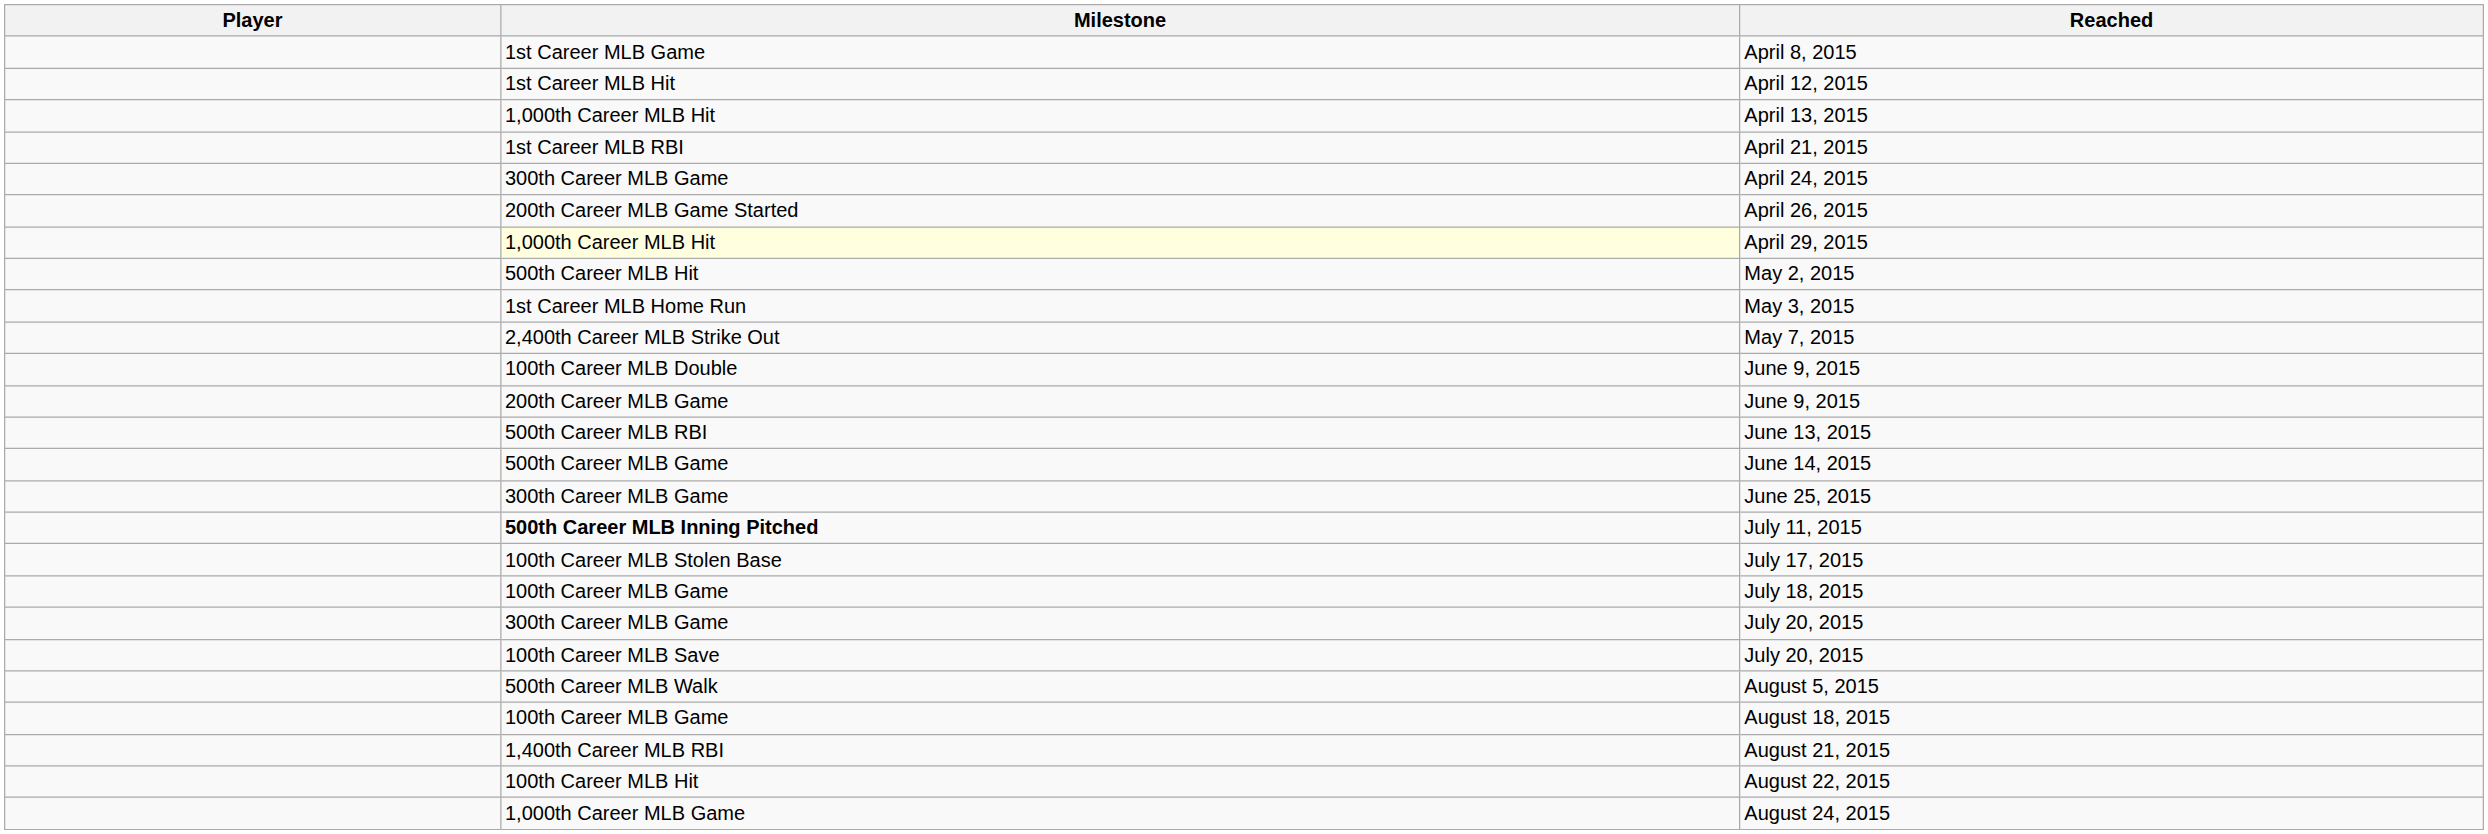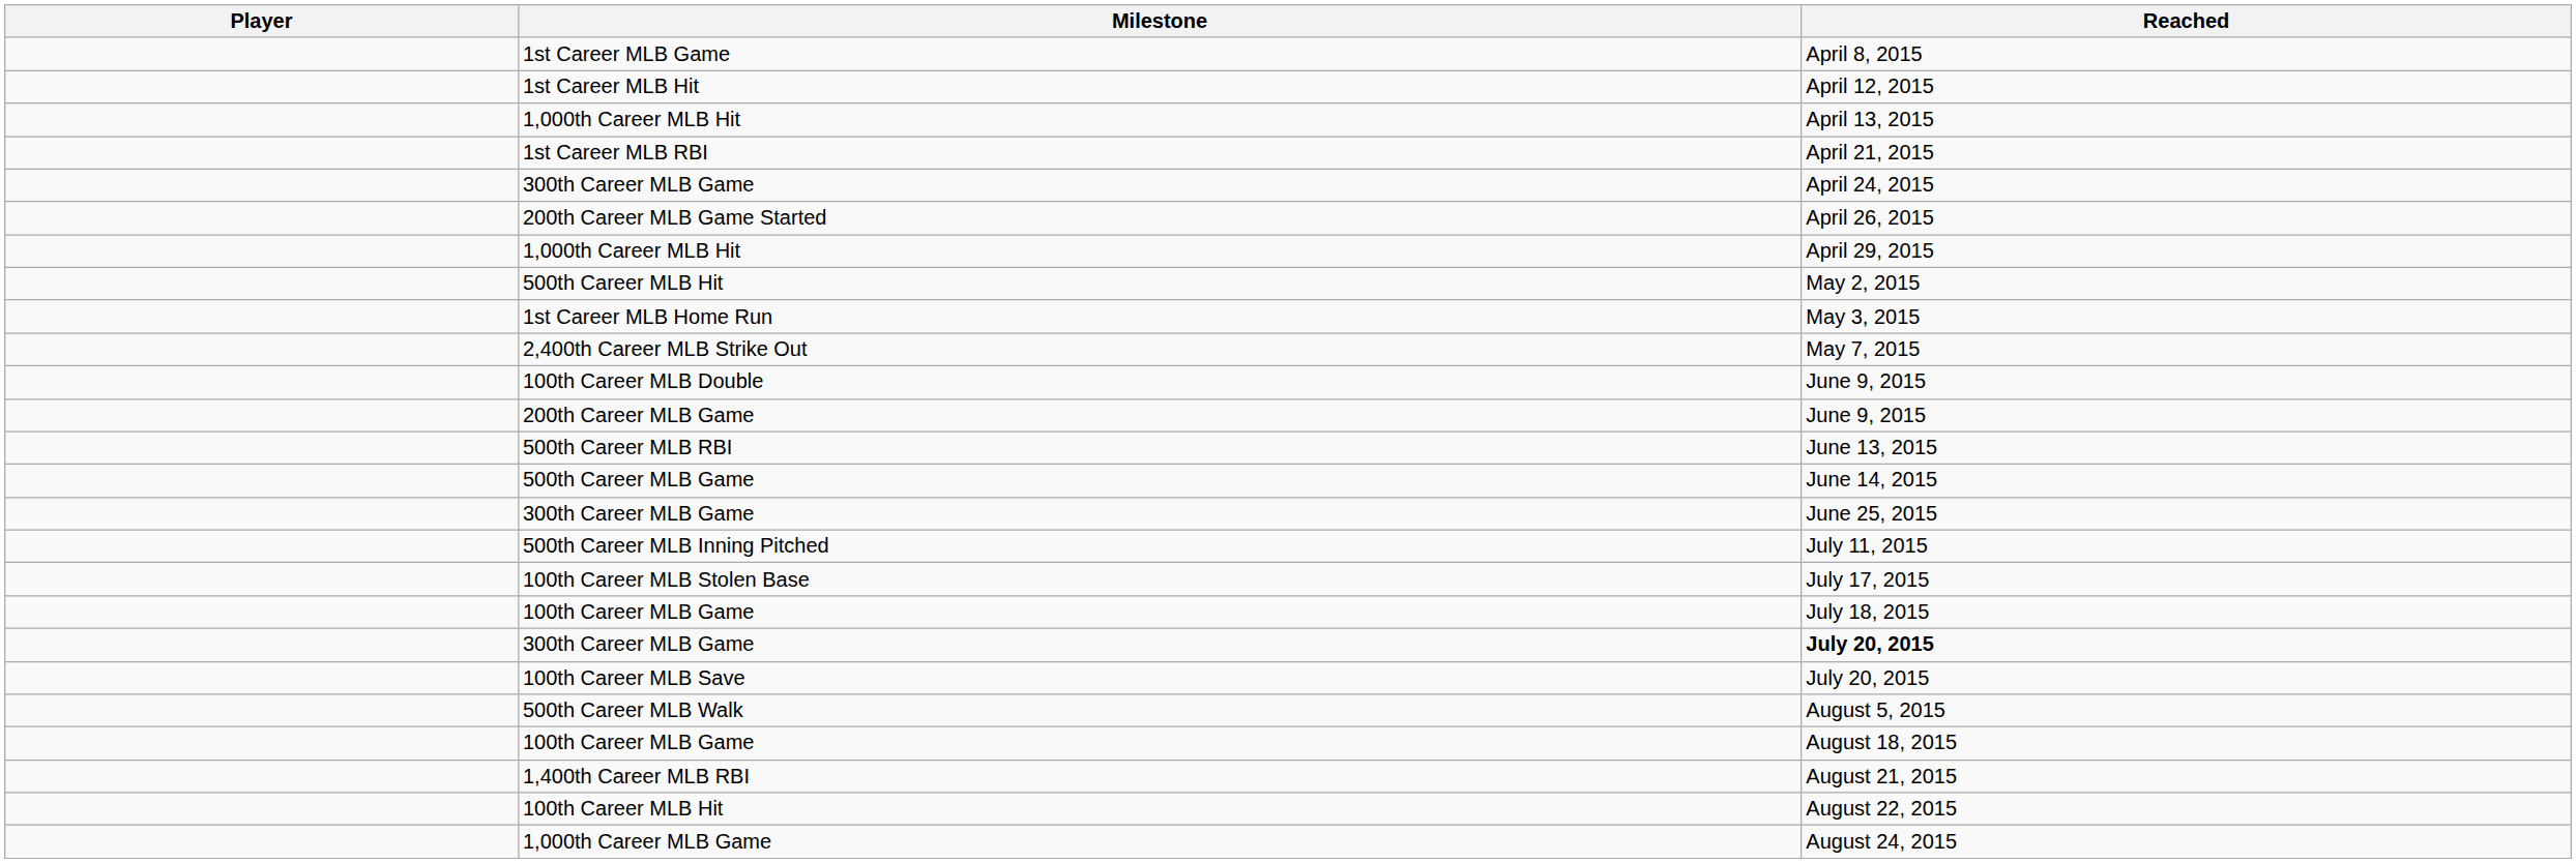 <table class="wikitable sortable" style="width:100%;">
 <tr align=center>
 <th style="width:20%;">Player</th>
 <th style="width:50%;">Milestone</th>
 <th style="width:30%;" data-sort-type="date">Reached</th>
 </tr>
 <tr>
 <td></td>
 <td>1st Career MLB Game</td>
 <td>April 8, 2015</td>
 </tr>
 <tr>
 <td></td>
 <td>1st Career MLB Hit</td>
 <td>April 12, 2015</td>
 </tr>
 <tr>
 <td></td>
 <td>1,000th Career MLB Hit</td>
 <td>April 13, 2015</td>
 </tr>
 <tr>
 <td></td>
 <td>1st Career MLB RBI</td>
 <td>April 21, 2015</td>
 </tr>
 <tr>
 <td></td>
 <td>300th Career MLB Game</td>
 <td>April 24, 2015</td>
 </tr>
 <tr>
 <td></td>
 <td>200th Career MLB Game Started</td>
 <td>April 26, 2015</td>
 </tr>
 <tr>
 <td></td>
-<td style="background: lightyellow;">1,000th Career MLB Hit</td>
+<td>1,000th Career MLB Hit</td>
 <td>April 29, 2015</td>
 </tr>
 <tr>
 <td></td>
 <td>500th Career MLB Hit</td>
 <td>May 2, 2015</td>
 </tr>
 <tr>
 <td></td>
 <td>1st Career MLB Home Run</td>
 <td>May 3, 2015</td>
 </tr>
 <tr>
 <td></td>
 <td>2,400th Career MLB Strike Out</td>
 <td>May 7, 2015</td>
 </tr>
 <tr>
 <td></td>
 <td>100th Career MLB Double</td>
 <td>June 9, 2015</td>
 </tr>
 <tr>
 <td></td>
 <td>200th Career MLB Game</td>
 <td>June 9, 2015</td>
 </tr>
 <tr>
 <td></td>
 <td>500th Career MLB RBI</td>
 <td>June 13, 2015</td>
 </tr>
 <tr>
 <td></td>
 <td>500th Career MLB Game</td>
 <td>June 14, 2015</td>
 </tr>
 <tr>
 <td></td>
 <td>300th Career MLB Game</td>
 <td>June 25, 2015</td>
 </tr>
 <tr>
 <td></td>
-<td><strong>500th Career MLB Inning Pitched</strong></td>
+<td>500th Career MLB Inning Pitched</td>
 <td>July 11, 2015</td>
 </tr>
 <tr>
 <td></td>
 <td>100th Career MLB Stolen Base</td>
 <td>July 17, 2015</td>
 </tr>
 <tr>
 <td></td>
 <td>100th Career MLB Game</td>
 <td>July 18, 2015</td>
 </tr>
 <tr>
 <td></td>
 <td>300th Career MLB Game</td>
-<td>July 20, 2015</td>
+<td><strong>July 20, 2015</strong></td>
 </tr>
 <tr>
 <td></td>
 <td>100th Career MLB Save</td>
 <td>July 20, 2015</td>
 </tr>
 <tr>
 <td></td>
 <td>500th Career MLB Walk</td>
 <td>August 5, 2015</td>
 </tr>
 <tr>
 <td></td>
 <td>100th Career MLB Game</td>
 <td>August 18, 2015</td>
 </tr>
 <tr>
 <td></td>
 <td>1,400th Career MLB RBI</td>
 <td>August 21, 2015</td>
 </tr>
 <tr>
 <td></td>
 <td>100th Career MLB Hit</td>
 <td>August 22, 2015</td>
 </tr>
 <tr>
 <td></td>
 <td>1,000th Career MLB Game</td>
 <td>August 24, 2015</td>
 </tr>
 </table>
